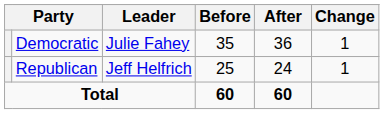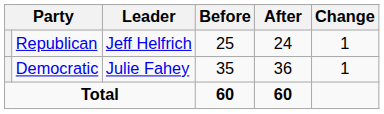 <table class="wikitable" style="text-align:center;">
 <tr>
 </tr>
 <tr>
 <th colspan="2">Party</th>
 <th>Leader</th>
 <th style="width:3em">Before</th>
 <th style="width:3em">After</th>
 <th style="width:3em">Change</th>
 </tr>
 <tr>
 <th style="background-color:"></th>
+<td style="text-align:left;"><a href='#'>Republican</a></td>
+<td style="text-align:left;"><a href='#'>Jeff Helfrich</a></td>
+<td>25</td>
+<td>24</td>
+<td> 1</td>
+</tr>
+<tr>
+<th style="background-color:"></th>
 <td style="text-align:left;"><a href='#'>Democratic</a></td>
 <td style="text-align:left;"><a href='#'>Julie Fahey</a></td>
 <td>35</td>
 <td>36</td>
-<td> 1</td>
-</tr>
-<tr>
-<th style="background-color:"></th>
-<td style="text-align:left;"><a href='#'>Republican</a></td>
-<td style="text-align:left;"><a href='#'>Jeff Helfrich</a></td>
-<td>25</td>
-<td>24</td>
 <td> 1</td>
 </tr>
 <tr>
 <td colspan="3"><strong>Total</strong></td>
 <td><strong>60</strong></td>
 <td><strong>60</strong></td>
 <td></td>
 </tr>
 </table>
